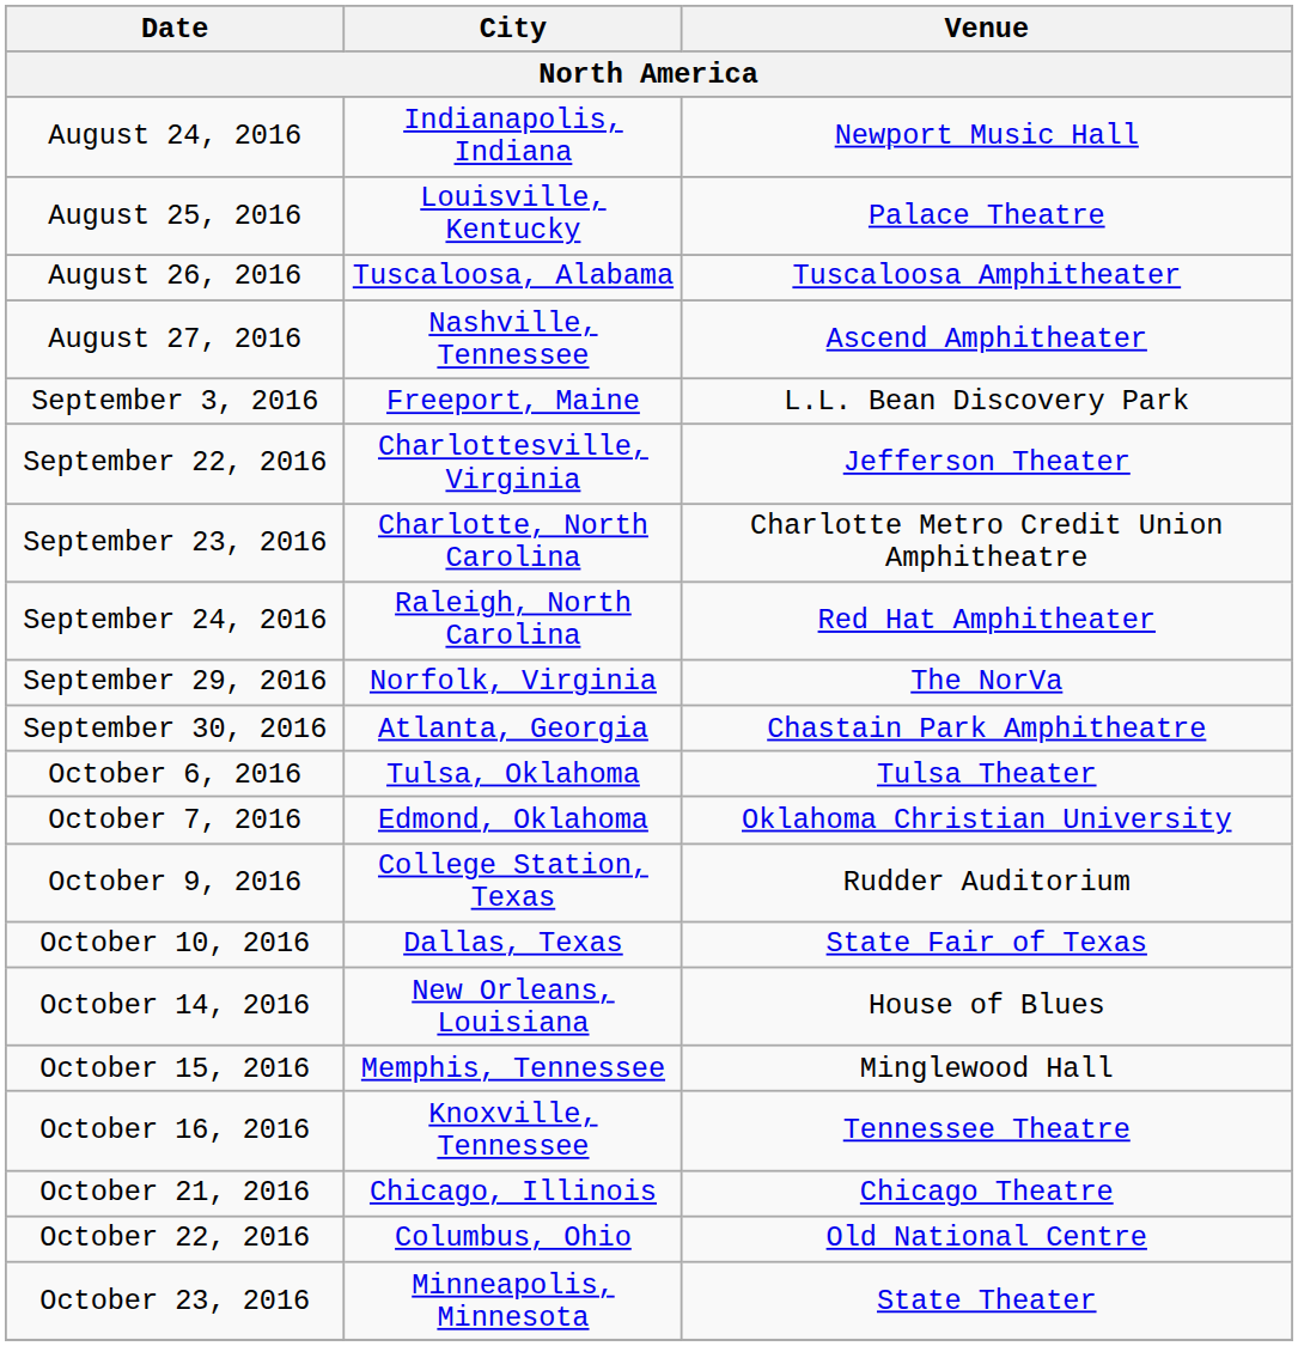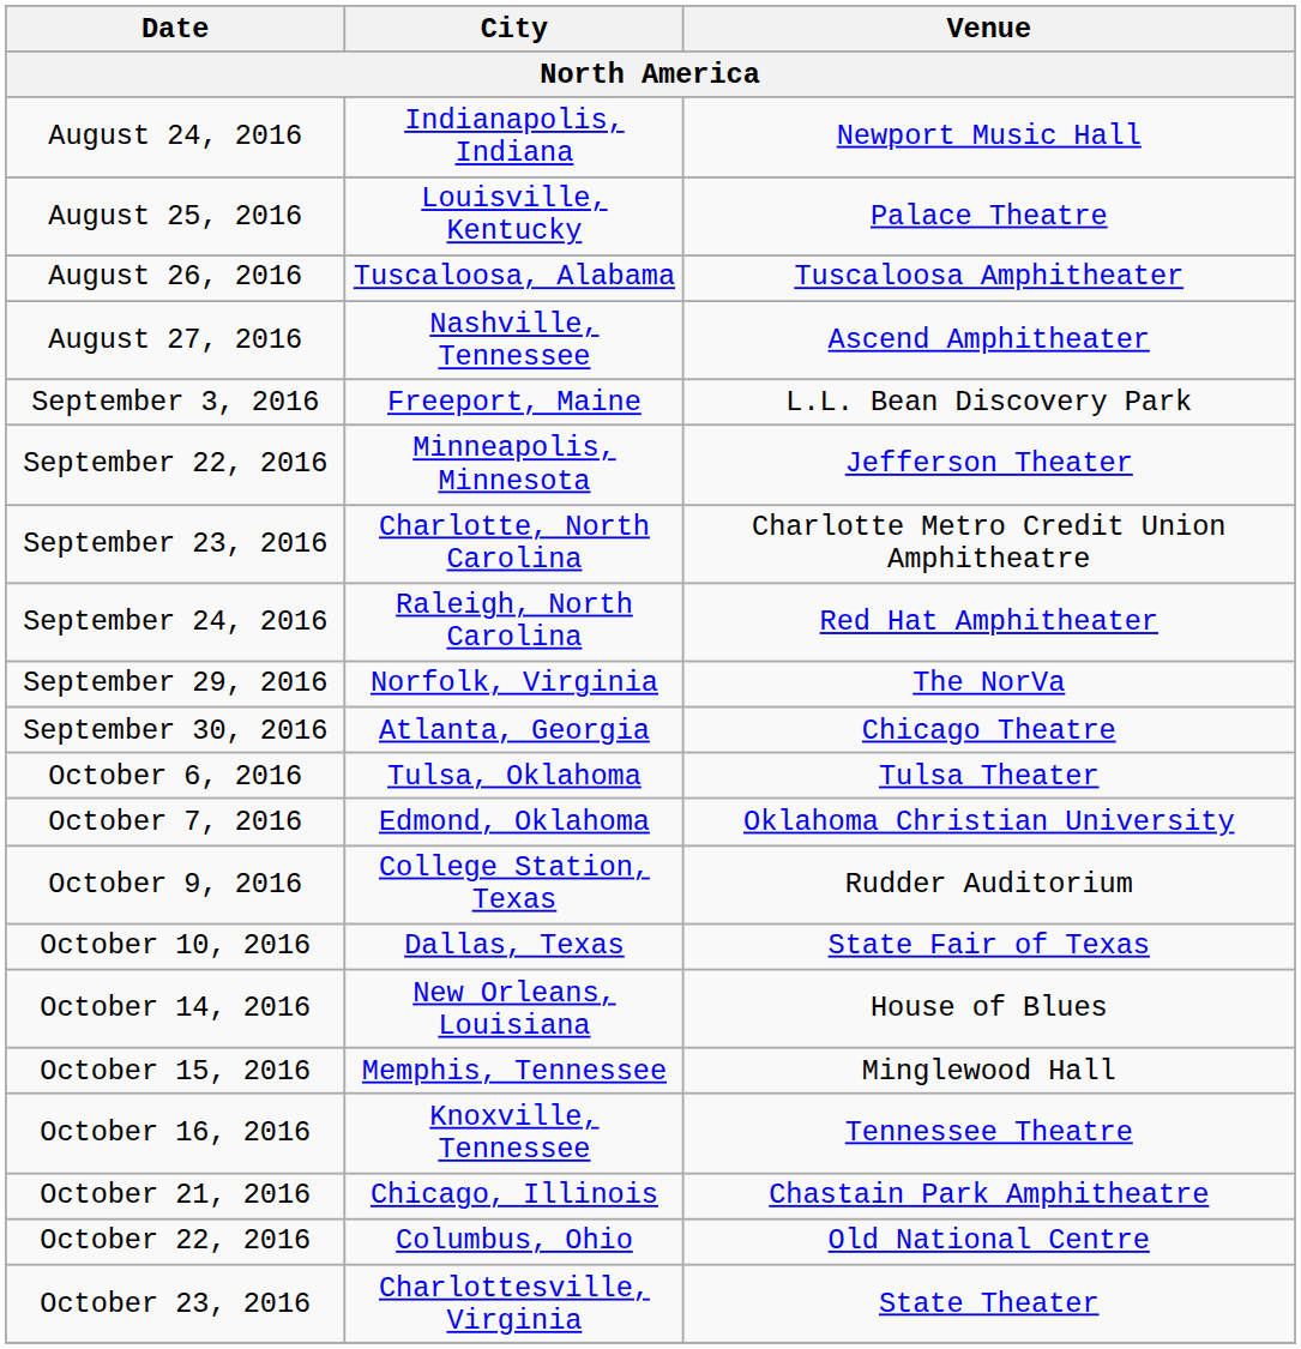 <table class="wikitable" style="text-align:center;">
 <tr>
 <th style="width:150px;">Date</th>
 <th style="width:150px;">City</th>
 <th style="width:275px;">Venue</th>
 </tr>
 <tr>
 <th colspan="4">North America</th>
 </tr>
 <tr>
 <td>August 24, 2016</td>
 <td><a href='#'>Indianapolis, Indiana</a></td>
 <td><a href='#'>Newport Music Hall</a></td>
 </tr>
 <tr>
 <td>August 25, 2016</td>
 <td><a href='#'>Louisville, Kentucky</a></td>
 <td><a href='#'>Palace Theatre</a></td>
 </tr>
 <tr>
 <td>August 26, 2016</td>
 <td><a href='#'>Tuscaloosa, Alabama</a></td>
 <td><a href='#'>Tuscaloosa Amphitheater</a></td>
 </tr>
 <tr>
 <td>August 27, 2016</td>
 <td><a href='#'>Nashville, Tennessee</a></td>
 <td><a href='#'>Ascend Amphitheater</a></td>
 </tr>
 <tr>
 <td>September 3, 2016</td>
 <td><a href='#'>Freeport, Maine</a></td>
 <td>L.L. Bean Discovery Park</td>
 </tr>
 <tr>
 <td>September 22, 2016</td>
-<td><a href='#'>Charlottesville, Virginia</a></td>
+<td><a href='#'>Minneapolis, Minnesota</a></td>
 <td><a href='#'>Jefferson Theater</a></td>
 </tr>
 <tr>
 <td>September 23, 2016</td>
 <td><a href='#'>Charlotte, North Carolina</a></td>
 <td>Charlotte Metro Credit Union Amphitheatre</td>
 </tr>
 <tr>
 <td>September 24, 2016</td>
 <td><a href='#'>Raleigh, North Carolina</a></td>
 <td><a href='#'>Red Hat Amphitheater</a></td>
 </tr>
 <tr>
 <td>September 29, 2016</td>
 <td><a href='#'>Norfolk, Virginia</a></td>
 <td><a href='#'>The NorVa</a></td>
 </tr>
 <tr>
 <td>September 30, 2016</td>
 <td><a href='#'>Atlanta, Georgia</a></td>
-<td><a href='#'>Chastain Park Amphitheatre</a></td>
+<td><a href='#'>Chicago Theatre</a></td>
 </tr>
 <tr>
 <td>October 6, 2016</td>
 <td><a href='#'>Tulsa, Oklahoma</a></td>
 <td><a href='#'>Tulsa Theater</a></td>
 </tr>
 <tr>
 <td>October 7, 2016</td>
 <td><a href='#'>Edmond, Oklahoma</a></td>
 <td><a href='#'>Oklahoma Christian University</a></td>
 </tr>
 <tr>
 <td>October 9, 2016</td>
 <td><a href='#'>College Station, Texas</a></td>
 <td>Rudder Auditorium</td>
 </tr>
 <tr>
 <td>October 10, 2016</td>
 <td><a href='#'>Dallas, Texas</a></td>
 <td><a href='#'>State Fair of Texas</a></td>
 </tr>
 <tr>
 <td>October 14, 2016</td>
 <td><a href='#'>New Orleans, Louisiana</a></td>
 <td>House of Blues</td>
 </tr>
 <tr>
 <td>October 15, 2016</td>
 <td><a href='#'>Memphis, Tennessee</a></td>
 <td>Minglewood Hall</td>
 </tr>
 <tr>
 <td>October 16, 2016</td>
 <td><a href='#'>Knoxville, Tennessee</a></td>
 <td><a href='#'>Tennessee Theatre</a></td>
 </tr>
 <tr>
 <td>October 21, 2016</td>
 <td><a href='#'>Chicago, Illinois</a></td>
-<td><a href='#'>Chicago Theatre</a></td>
+<td><a href='#'>Chastain Park Amphitheatre</a></td>
 </tr>
 <tr>
 <td>October 22, 2016</td>
 <td><a href='#'>Columbus, Ohio</a></td>
 <td><a href='#'>Old National Centre</a></td>
 </tr>
 <tr>
 <td>October 23, 2016</td>
-<td><a href='#'>Minneapolis, Minnesota</a></td>
+<td><a href='#'>Charlottesville, Virginia</a></td>
 <td><a href='#'>State Theater</a></td>
 </tr>
 <tr>
 </tr>
 </table>
